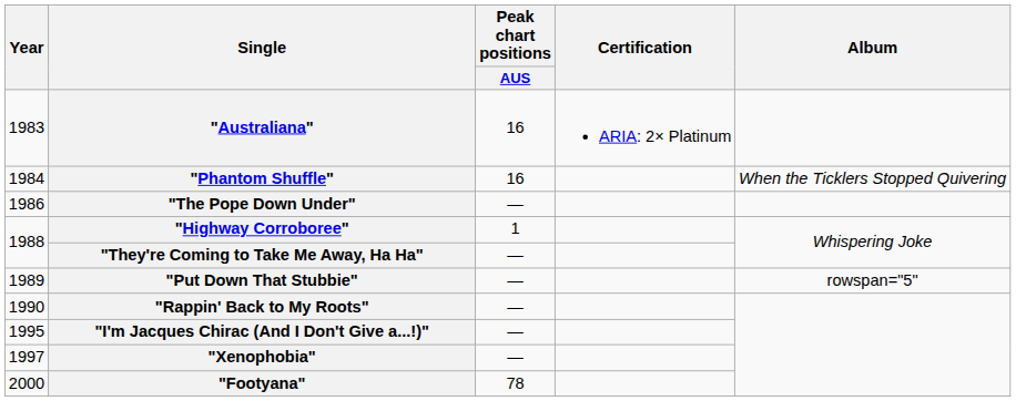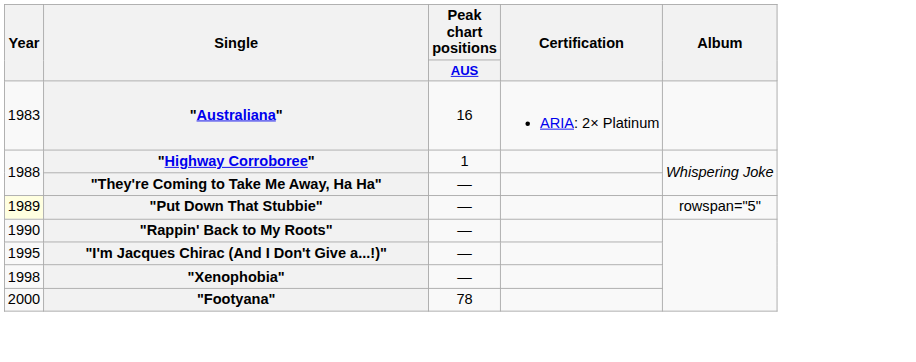 <table class="wikitable plainrowheaders" style="text-align:center;">
 <tr>
 <th rowspan="2">Year</th>
 <th rowspan="2" style="width:26em;">Single</th>
 <th colspan="1">Peak chart positions</th>
 <th rowspan="2">Certification</th>
 <th rowspan="2">Album</th>
 </tr>
 <tr>
 <th scope="col" style="width:3em;font-size:90%;"><a href='#'>AUS</a><br></th>
 </tr>
 <tr>
 <td>1983</td>
 <th scope="row">"<a href='#'>Australiana</a>"</th>
 <td>16</td>
 <td><br><ul><li><a href='#'>ARIA</a>: 2× Platinum</li></ul></td>
 <td></td>
 </tr>
 <tr>
-<td>1984</td>
-<th scope="row">"<a href='#'>Phantom Shuffle</a>"</th>
-<td>16</td>
-<td></td>
-<td><em>When the Ticklers Stopped Quivering</em></td>
-</tr>
-<tr>
-<td>1986</td>
-<th scope="row">"The Pope Down Under"</th>
-<td>—</td>
-<td></td>
-<td></td>
-</tr>
-<tr>
 <td rowspan="2">1988</td>
 <th scope="row">"<a href='#'>Highway Corroboree</a>"</th>
 <td>1</td>
 <td></td>
 <td rowspan="2"><em>Whispering Joke</em></td>
 </tr>
 <tr>
 <th scope="row">"They're Coming to Take Me Away, Ha Ha"</th>
 <td>—</td>
 <td></td>
 </tr>
 <tr>
-<td>1989</td>
+<td style="background: lightyellow;">1989</td>
 <th scope="row">"Put Down That Stubbie"</th>
 <td>—</td>
 <td></td>
 <td>rowspan="5" </td>
 </tr>
 <tr>
 <td>1990</td>
 <th scope="row">"Rappin' Back to My Roots"</th>
 <td>—</td>
 <td></td>
 </tr>
 <tr>
 <td>1995</td>
 <th scope="row">"I'm Jacques Chirac (And I Don't Give a...!)"</th>
 <td>—</td>
 <td></td>
 </tr>
 <tr>
-<td>1997</td>
+<td>1998</td>
 <th scope="row">"Xenophobia"</th>
 <td>—</td>
 <td></td>
 </tr>
 <tr>
 <td>2000</td>
 <th scope="row">"Footyana"</th>
 <td>78</td>
 <td></td>
 </tr>
 </table>
